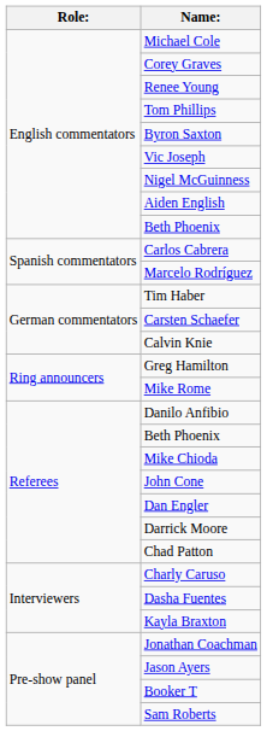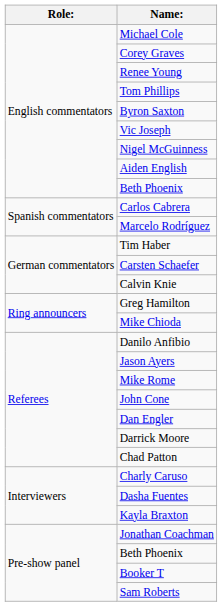 <table class=wikitable style="font-size:90%; margin: 0.5em 0 0.5em 1em; float: right; clear: right;">
 <tr>
 <th>Role:</th>
 <th>Name:</th>
 </tr>
 <tr>
 <td rowspan=9>English commentators</td>
 <td><a href='#'>Michael Cole</a> </td>
 </tr>
 <tr>
 <td><a href='#'>Corey Graves</a> </td>
 </tr>
 <tr>
 <td><a href='#'>Renee Young</a> </td>
 </tr>
 <tr>
 <td><a href='#'>Tom Phillips</a> </td>
 </tr>
 <tr>
 <td><a href='#'>Byron Saxton</a> </td>
 </tr>
 <tr>
 <td><a href='#'>Vic Joseph</a> </td>
 </tr>
 <tr>
 <td><a href='#'>Nigel McGuinness</a> </td>
 </tr>
 <tr>
 <td><a href='#'>Aiden English</a> </td>
 </tr>
 <tr>
 <td><a href='#'>Beth Phoenix</a> </td>
 </tr>
 <tr>
 <td rowspan=2>Spanish commentators</td>
 <td><a href='#'>Carlos Cabrera</a></td>
 </tr>
 <tr>
 <td><a href='#'>Marcelo Rodríguez</a></td>
 </tr>
 <tr>
 <td rowspan=3>German commentators</td>
 <td>Tim Haber</td>
 </tr>
 <tr>
 <td><a href='#'>Carsten Schaefer</a></td>
 </tr>
 <tr>
 <td>Calvin Knie</td>
 </tr>
 <tr>
 <td rowspan=2><a href='#'>Ring announcers</a></td>
 <td>Greg Hamilton </td>
 </tr>
 <tr>
-<td><a href='#'>Mike Rome</a> </td>
+<td><a href='#'>Mike Chioda</a></td>
 </tr>
 <tr>
 <td rowspan=7><a href='#'>Referees</a></td>
 <td>Danilo Anfibio</td>
 </tr>
 <tr>
-<td>Beth Phoenix</td>
+<td><a href='#'>Jason Ayers</a></td>
 </tr>
 <tr>
-<td><a href='#'>Mike Chioda</a></td>
+<td><a href='#'>Mike Rome</a> </td>
 </tr>
 <tr>
 <td><a href='#'>John Cone</a></td>
 </tr>
 <tr>
 <td><a href='#'>Dan Engler</a></td>
 </tr>
 <tr>
 <td>Darrick Moore</td>
 </tr>
 <tr>
 <td>Chad Patton</td>
 </tr>
 <tr>
 <td rowspan=3>Interviewers</td>
 <td><a href='#'>Charly Caruso</a></td>
 </tr>
 <tr>
 <td><a href='#'>Dasha Fuentes</a></td>
 </tr>
 <tr>
 <td><a href='#'>Kayla Braxton</a></td>
 </tr>
 <tr>
 <td rowspan=4>Pre-show panel</td>
 <td><a href='#'>Jonathan Coachman</a></td>
 </tr>
 <tr>
-<td><a href='#'>Jason Ayers</a></td>
+<td>Beth Phoenix</td>
 </tr>
 <tr>
 <td><a href='#'>Booker T</a></td>
 </tr>
 <tr>
 <td><a href='#'>Sam Roberts</a></td>
 </tr>
 </table>
